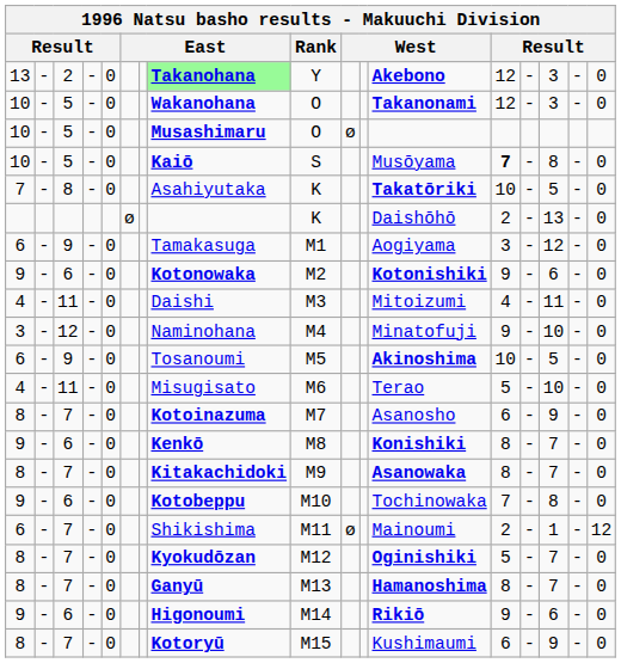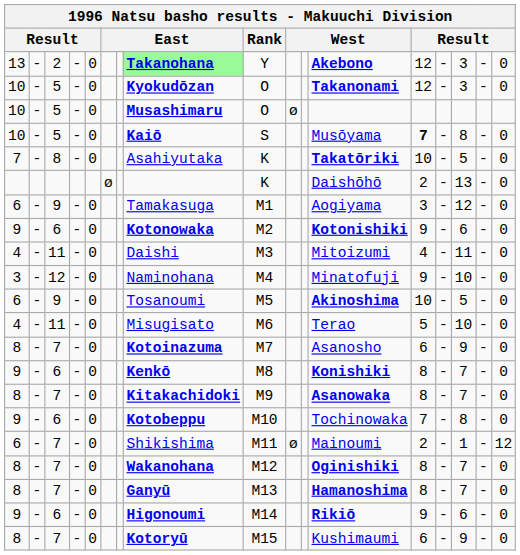 <table class="wikitable">
 <tr>
 <th colspan="17">1996 Natsu basho results - Makuuchi Division</th>
 </tr>
 <tr>
 <th colspan="5">Result</th>
 <th colspan="3">East</th>
 <th>Rank</th>
 <th colspan="3">West</th>
 <th colspan="5">Result</th>
 </tr>
 <tr>
 <td align=center>13</td>
 <td align=center>-</td>
 <td align=center>2</td>
 <td align=center>-</td>
 <td align=center>0</td>
 <td align=center></td>
 <td align=center></td>
 <td style="background: PaleGreen;"><strong><a href='#'>Takanohana</a></strong></td>
 <td align=center>Y</td>
 <td align=center></td>
 <td align=center></td>
 <td><strong><a href='#'>Akebono</a></strong></td>
 <td align=center>12</td>
 <td align=center>-</td>
 <td align=center>3</td>
 <td align=center>-</td>
 <td align=center>0</td>
 </tr>
 <tr>
 <td align=center>10</td>
 <td align=center>-</td>
 <td align=center>5</td>
 <td align=center>-</td>
 <td align=center>0</td>
 <td align=center></td>
 <td align=center></td>
-<td><strong><a href='#'>Wakanohana</a></strong></td>
+<td><strong><a href='#'>Kyokudōzan</a></strong></td>
 <td align=center>O</td>
 <td align=center></td>
 <td align=center></td>
 <td><strong><a href='#'>Takanonami</a></strong></td>
 <td align=center>12</td>
 <td align=center>-</td>
 <td align=center>3</td>
 <td align=center>-</td>
 <td align=center>0</td>
 </tr>
 <tr>
 <td align=center>10</td>
 <td align=center>-</td>
 <td align=center>5</td>
 <td align=center>-</td>
 <td align=center>0</td>
 <td align=center></td>
 <td align=center></td>
 <td><strong><a href='#'>Musashimaru</a></strong></td>
 <td align=center>O</td>
 <td align=center>ø</td>
 <td align=center></td>
 <td></td>
 <td align=center></td>
 <td align=center></td>
 <td align=center></td>
 <td align=center></td>
 <td align=center></td>
 </tr>
 <tr>
 <td align=center>10</td>
 <td align=center>-</td>
 <td align=center>5</td>
 <td align=center>-</td>
 <td align=center>0</td>
 <td align=center></td>
 <td align=center></td>
 <td><strong><a href='#'>Kaiō</a></strong></td>
 <td align=center>S</td>
 <td align=center></td>
 <td align=center></td>
 <td><a href='#'>Musōyama</a></td>
 <td align=center><strong>7</strong></td>
 <td align=center>-</td>
 <td align=center>8</td>
 <td align=center>-</td>
 <td align=center>0</td>
 </tr>
 <tr>
 <td align=center>7</td>
 <td align=center>-</td>
 <td align=center>8</td>
 <td align=center>-</td>
 <td align=center>0</td>
 <td align=center></td>
 <td align=center></td>
 <td><a href='#'>Asahiyutaka</a></td>
 <td align=center>K</td>
 <td align=center></td>
 <td align=center></td>
 <td><strong><a href='#'>Takatōriki</a></strong></td>
 <td align=center>10</td>
 <td align=center>-</td>
 <td align=center>5</td>
 <td align=center>-</td>
 <td align=center>0</td>
 </tr>
 <tr>
 <td align=center></td>
 <td align=center></td>
 <td align=center></td>
 <td align=center></td>
 <td align=center></td>
 <td align=center>ø</td>
 <td align=center></td>
 <td></td>
 <td align=center>K</td>
 <td align=center></td>
 <td align=center></td>
 <td><a href='#'>Daishōhō</a></td>
 <td align=center>2</td>
 <td align=center>-</td>
 <td align=center>13</td>
 <td align=center>-</td>
 <td align=center>0</td>
 </tr>
 <tr>
 <td align=center>6</td>
 <td align=center>-</td>
 <td align=center>9</td>
 <td align=center>-</td>
 <td align=center>0</td>
 <td align=center></td>
 <td align=center></td>
 <td><a href='#'>Tamakasuga</a></td>
 <td align=center>M1</td>
 <td align=center></td>
 <td align=center></td>
 <td><a href='#'>Aogiyama</a></td>
 <td align=center>3</td>
 <td align=center>-</td>
 <td align=center>12</td>
 <td align=center>-</td>
 <td align=center>0</td>
 </tr>
 <tr>
 <td align=center>9</td>
 <td align=center>-</td>
 <td align=center>6</td>
 <td align=center>-</td>
 <td align=center>0</td>
 <td align=center></td>
 <td align=center></td>
 <td><strong><a href='#'>Kotonowaka</a></strong></td>
 <td align=center>M2</td>
 <td align=center></td>
 <td align=center></td>
 <td><strong><a href='#'>Kotonishiki</a></strong></td>
 <td align=center>9</td>
 <td align=center>-</td>
 <td align=center>6</td>
 <td align=center>-</td>
 <td align=center>0</td>
 </tr>
 <tr>
 <td align=center>4</td>
 <td align=center>-</td>
 <td align=center>11</td>
 <td align=center>-</td>
 <td align=center>0</td>
 <td align=center></td>
 <td align=center></td>
 <td><a href='#'>Daishi</a></td>
 <td align=center>M3</td>
 <td align=center></td>
 <td align=center></td>
 <td><a href='#'>Mitoizumi</a></td>
 <td align=center>4</td>
 <td align=center>-</td>
 <td align=center>11</td>
 <td align=center>-</td>
 <td align=center>0</td>
 </tr>
 <tr>
 <td align=center>3</td>
 <td align=center>-</td>
 <td align=center>12</td>
 <td align=center>-</td>
 <td align=center>0</td>
 <td align=center></td>
 <td align=center></td>
 <td><a href='#'>Naminohana</a></td>
 <td align=center>M4</td>
 <td align=center></td>
 <td align=center></td>
 <td><a href='#'>Minatofuji</a></td>
 <td align=center>9</td>
 <td align=center>-</td>
 <td align=center>10</td>
 <td align=center>-</td>
 <td align=center>0</td>
 </tr>
 <tr>
 <td align=center>6</td>
 <td align=center>-</td>
 <td align=center>9</td>
 <td align=center>-</td>
 <td align=center>0</td>
 <td align=center></td>
 <td align=center></td>
 <td><a href='#'>Tosanoumi</a></td>
 <td align=center>M5</td>
 <td align=center></td>
 <td align=center></td>
 <td><strong><a href='#'>Akinoshima</a></strong></td>
 <td align=center>10</td>
 <td align=center>-</td>
 <td align=center>5</td>
 <td align=center>-</td>
 <td align=center>0</td>
 </tr>
 <tr>
 <td align=center>4</td>
 <td align=center>-</td>
 <td align=center>11</td>
 <td align=center>-</td>
 <td align=center>0</td>
 <td align=center></td>
 <td align=center></td>
 <td><a href='#'>Misugisato</a></td>
 <td align=center>M6</td>
 <td align=center></td>
 <td align=center></td>
 <td><a href='#'>Terao</a></td>
 <td align=center>5</td>
 <td align=center>-</td>
 <td align=center>10</td>
 <td align=center>-</td>
 <td align=center>0</td>
 </tr>
 <tr>
 <td align=center>8</td>
 <td align=center>-</td>
 <td align=center>7</td>
 <td align=center>-</td>
 <td align=center>0</td>
 <td align=center></td>
 <td align=center></td>
 <td><strong><a href='#'>Kotoinazuma</a></strong></td>
 <td align=center>M7</td>
 <td align=center></td>
 <td align=center></td>
 <td><a href='#'>Asanosho</a></td>
 <td align=center>6</td>
 <td align=center>-</td>
 <td align=center>9</td>
 <td align=center>-</td>
 <td align=center>0</td>
 </tr>
 <tr>
 <td align=center>9</td>
 <td align=center>-</td>
 <td align=center>6</td>
 <td align=center>-</td>
 <td align=center>0</td>
 <td align=center></td>
 <td align=center></td>
 <td><strong><a href='#'>Kenkō</a></strong></td>
 <td align=center>M8</td>
 <td align=center></td>
 <td align=center></td>
 <td><strong><a href='#'>Konishiki</a></strong></td>
 <td align=center>8</td>
 <td align=center>-</td>
 <td align=center>7</td>
 <td align=center>-</td>
 <td align=center>0</td>
 </tr>
 <tr>
 <td align=center>8</td>
 <td align=center>-</td>
 <td align=center>7</td>
 <td align=center>-</td>
 <td align=center>0</td>
 <td align=center></td>
 <td align=center></td>
 <td><strong><a href='#'>Kitakachidoki</a></strong></td>
 <td align=center>M9</td>
 <td align=center></td>
 <td align=center></td>
 <td><strong><a href='#'>Asanowaka</a></strong></td>
 <td align=center>8</td>
 <td align=center>-</td>
 <td align=center>7</td>
 <td align=center>-</td>
 <td align=center>0</td>
 </tr>
 <tr>
 <td align=center>9</td>
 <td align=center>-</td>
 <td align=center>6</td>
 <td align=center>-</td>
 <td align=center>0</td>
 <td align=center></td>
 <td align=center></td>
 <td><strong><a href='#'>Kotobeppu</a></strong></td>
 <td align=center>M10</td>
 <td align=center></td>
 <td align=center></td>
 <td><a href='#'>Tochinowaka</a></td>
 <td align=center>7</td>
 <td align=center>-</td>
 <td align=center>8</td>
 <td align=center>-</td>
 <td align=center>0</td>
 </tr>
 <tr>
 <td align=center>6</td>
 <td align=center>-</td>
 <td align=center>7</td>
 <td align=center>-</td>
 <td align=center>0</td>
 <td align=center></td>
 <td align=center></td>
 <td><a href='#'>Shikishima</a></td>
 <td align=center>M11</td>
 <td align=center>ø</td>
 <td align=center></td>
 <td><a href='#'>Mainoumi</a></td>
 <td align=center>2</td>
 <td align=center>-</td>
 <td align=center>1</td>
 <td align=center>-</td>
 <td align=center>12</td>
 </tr>
 <tr>
 <td align=center>8</td>
 <td align=center>-</td>
 <td align=center>7</td>
 <td align=center>-</td>
 <td align=center>0</td>
 <td align=center></td>
 <td align=center></td>
-<td><strong><a href='#'>Kyokudōzan</a></strong></td>
+<td><strong><a href='#'>Wakanohana</a></strong></td>
 <td align=center>M12</td>
 <td align=center></td>
 <td align=center></td>
 <td><strong><a href='#'>Oginishiki</a></strong></td>
-<td align=center>5</td>
+<td align=center>8</td>
 <td align=center>-</td>
 <td align=center>7</td>
 <td align=center>-</td>
 <td align=center>0</td>
 </tr>
 <tr>
 <td align=center>8</td>
 <td align=center>-</td>
 <td align=center>7</td>
 <td align=center>-</td>
 <td align=center>0</td>
 <td align=center></td>
 <td align=center></td>
 <td><strong><a href='#'>Ganyū</a></strong></td>
 <td align=center>M13</td>
 <td align=center></td>
 <td align=center></td>
 <td><strong><a href='#'>Hamanoshima</a></strong></td>
 <td align=center>8</td>
 <td align=center>-</td>
 <td align=center>7</td>
 <td align=center>-</td>
 <td align=center>0</td>
 </tr>
 <tr>
 <td align=center>9</td>
 <td align=center>-</td>
 <td align=center>6</td>
 <td align=center>-</td>
 <td align=center>0</td>
 <td align=center></td>
 <td align=center></td>
 <td><strong><a href='#'>Higonoumi</a></strong></td>
 <td align=center>M14</td>
 <td align=center></td>
 <td align=center></td>
 <td><strong><a href='#'>Rikiō</a></strong></td>
 <td align=center>9</td>
 <td align=center>-</td>
 <td align=center>6</td>
 <td align=center>-</td>
 <td align=center>0</td>
 </tr>
 <tr>
 <td align=center>8</td>
 <td align=center>-</td>
 <td align=center>7</td>
 <td align=center>-</td>
 <td align=center>0</td>
 <td align=center></td>
 <td align=center></td>
 <td><strong><a href='#'>Kotoryū</a></strong></td>
 <td align=center>M15</td>
 <td align=center></td>
 <td align=center></td>
 <td><a href='#'>Kushimaumi</a></td>
 <td align=center>6</td>
 <td align=center>-</td>
 <td align=center>9</td>
 <td align=center>-</td>
 <td align=center>0</td>
 </tr>
 </table>
